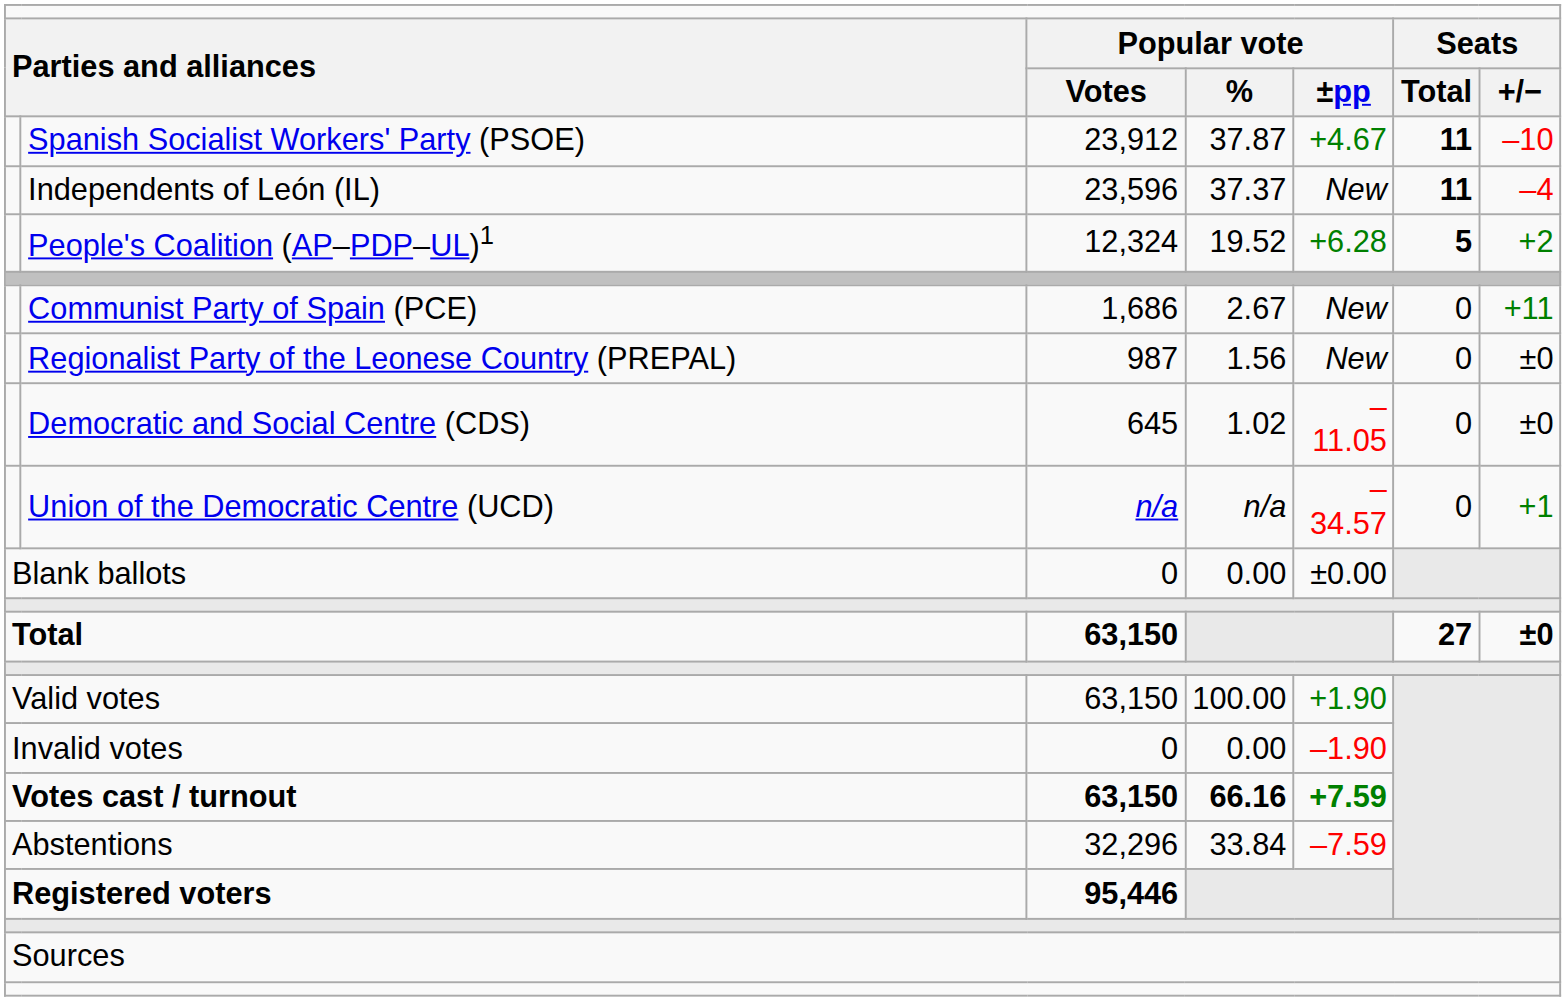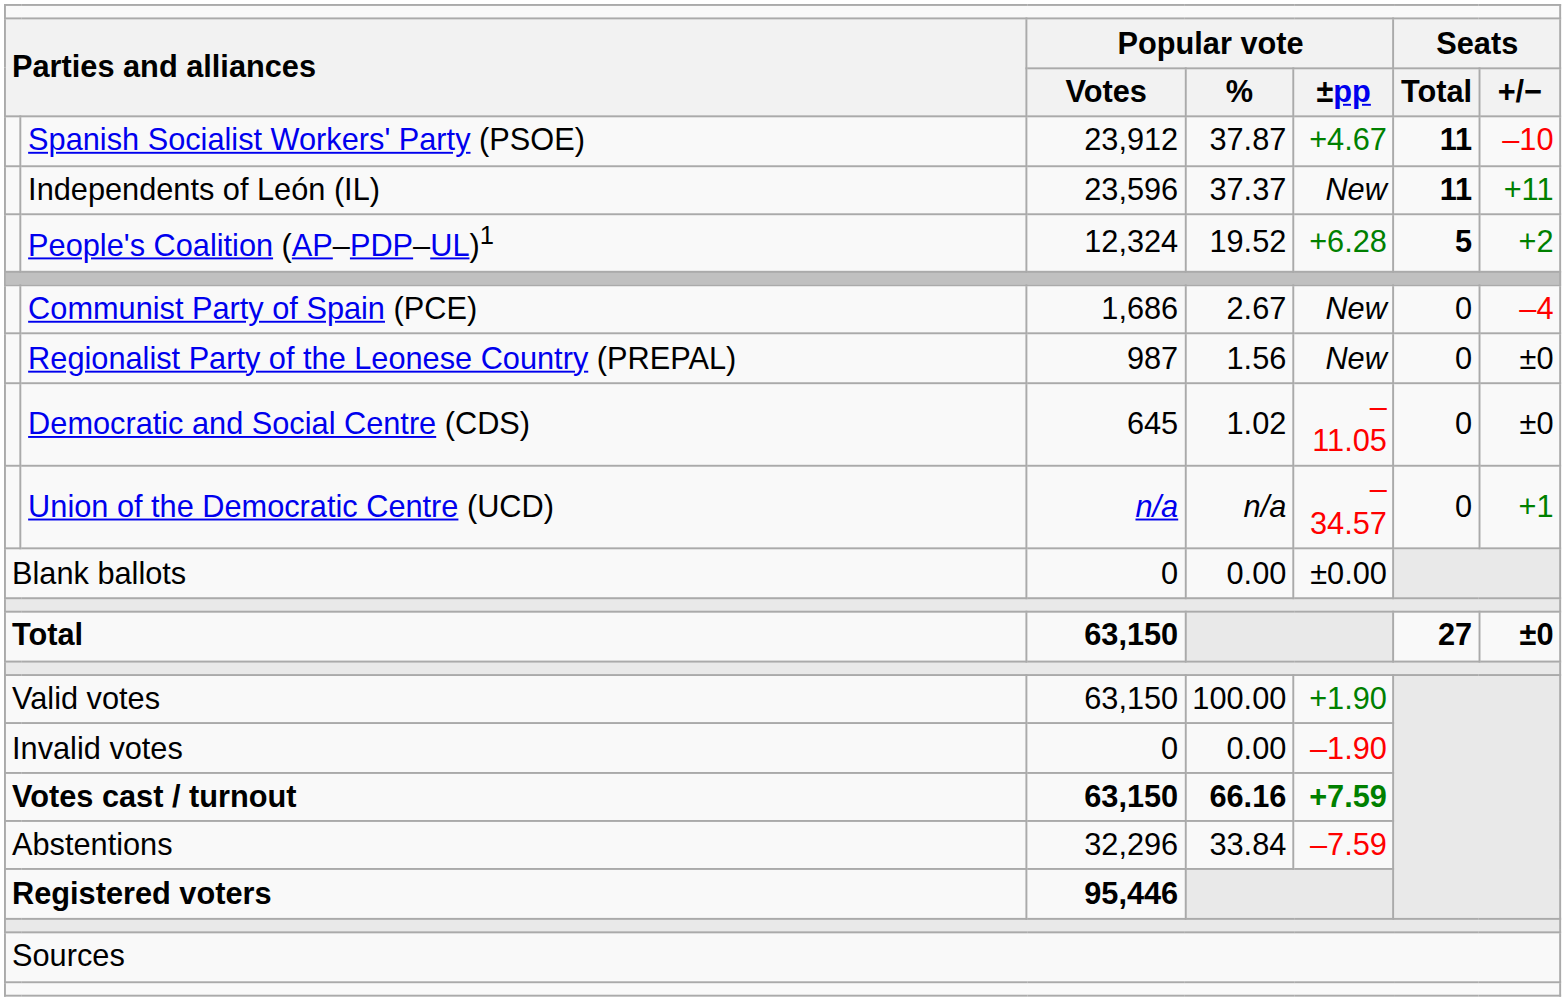 <table class="wikitable" style="text-align:right;">
 <tr>
 <td colspan="7"></td>
 </tr>
 <tr>
 <th style="text-align:left;" rowspan="2" colspan="2" width="525">Parties and alliances</th>
 <th colspan="3">Popular vote</th>
 <th colspan="2">Seats</th>
 </tr>
 <tr>
 <th width="75">Votes</th>
 <th width="45">%</th>
 <th width="45">±<a href='#'>pp</a></th>
 <th width="35">Total</th>
 <th width="35">+/−</th>
 </tr>
 <tr>
 <td width="1" style="color:inherit;background:"></td>
 <td align="left"><a href='#'>Spanish Socialist Workers' Party</a> (PSOE)</td>
 <td>23,912</td>
 <td>37.87</td>
 <td style="color:green;">+4.67</td>
 <td><strong>11</strong></td>
 <td style="color:red;">–10</td>
 </tr>
 <tr>
 <td style="color:inherit;background:"></td>
 <td align="left">Independents of León (IL)</td>
 <td>23,596</td>
 <td>37.37</td>
 <td><em>New</em></td>
 <td><strong>11</strong></td>
-<td style="color:red;">–4</td>
+<td style="color:green;">+11</td>
 </tr>
 <tr>
 <td style="color:inherit;background:"></td>
 <td align="left"><a href='#'>People's Coalition</a> (<a href='#'>AP</a>–<a href='#'>PDP</a>–<a href='#'>UL</a>)<sup>1</sup></td>
 <td>12,324</td>
 <td>19.52</td>
 <td style="color:green;">+6.28</td>
 <td><strong>5</strong></td>
 <td style="color:green;">+2</td>
 </tr>
 <tr>
 <td colspan="7" bgcolor="#C0C0C0"></td>
 </tr>
 <tr>
 <td style="color:inherit;background:"></td>
 <td align="left"><a href='#'>Communist Party of Spain</a> (PCE)</td>
 <td>1,686</td>
 <td>2.67</td>
 <td><em>New</em></td>
 <td>0</td>
-<td style="color:green;">+11</td>
+<td style="color:red;">–4</td>
 </tr>
 <tr>
 <td style="color:inherit;background:"></td>
 <td align="left"><a href='#'>Regionalist Party of the Leonese Country</a> (PREPAL)</td>
 <td>987</td>
 <td>1.56</td>
 <td><em>New</em></td>
 <td>0</td>
 <td>±0</td>
 </tr>
 <tr>
 <td style="color:inherit;background:"></td>
 <td align="left"><a href='#'>Democratic and Social Centre</a> (CDS)</td>
 <td>645</td>
 <td>1.02</td>
 <td style="color:red;">–11.05</td>
 <td>0</td>
 <td>±0</td>
 </tr>
 <tr>
 <td style="color:inherit;background:"></td>
 <td align="left"><a href='#'>Union of the Democratic Centre</a> (UCD)</td>
 <td><em><a href='#'>n/a</a></em></td>
 <td><em>n/a</em></td>
 <td style="color:red;">–34.57</td>
 <td>0</td>
 <td style="color:green;">+1</td>
 </tr>
 <tr>
 <td align="left" colspan="2">Blank ballots</td>
 <td>0</td>
 <td>0.00</td>
 <td>±0.00</td>
 <td bgcolor="#E9E9E9" colspan="2"></td>
 </tr>
 <tr>
 <td colspan="7" bgcolor="#E9E9E9"></td>
 </tr>
 <tr style="font-weight:bold;">
 <td align="left" colspan="2">Total</td>
 <td>63,150</td>
 <td bgcolor="#E9E9E9" colspan="2"></td>
 <td>27</td>
 <td>±0</td>
 </tr>
 <tr>
 <td colspan="7" bgcolor="#E9E9E9"></td>
 </tr>
 <tr>
 <td align="left" colspan="2">Valid votes</td>
 <td>63,150</td>
 <td>100.00</td>
 <td style="color:green;">+1.90</td>
 <td bgcolor="#E9E9E9" colspan="2" rowspan="5"></td>
 </tr>
 <tr>
 <td align="left" colspan="2">Invalid votes</td>
 <td>0</td>
 <td>0.00</td>
 <td style="color:red;">–1.90</td>
 </tr>
 <tr style="font-weight:bold;">
 <td align="left" colspan="2">Votes cast / turnout</td>
 <td>63,150</td>
 <td>66.16</td>
 <td style="color:green;">+7.59</td>
 </tr>
 <tr>
 <td align="left" colspan="2">Abstentions</td>
 <td>32,296</td>
 <td>33.84</td>
 <td style="color:red;">–7.59</td>
 </tr>
 <tr style="font-weight:bold;">
 <td align="left" colspan="2">Registered voters</td>
 <td>95,446</td>
 <td bgcolor="#E9E9E9" colspan="2"></td>
 </tr>
 <tr>
 <td colspan="7" bgcolor="#E9E9E9"></td>
 </tr>
 <tr>
 <td align="left" colspan="7">Sources</td>
 </tr>
 <tr>
 <td colspan="7" style="text-align:left; max-width:790px;"></td>
 </tr>
 </table>
